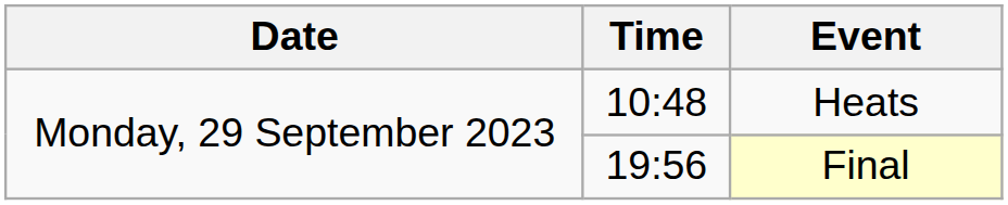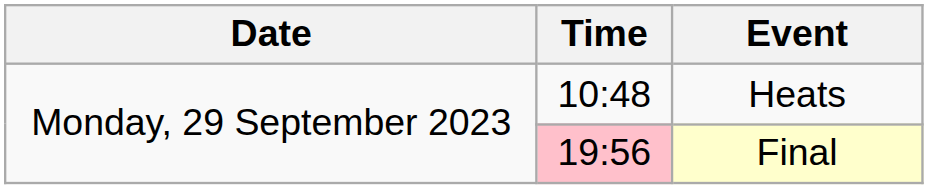 <table class = "wikitable" style="text-align:center;">
 <tr>
 <th width=220>Date</th>
 <th width=50>Time</th>
 <th width=100>Event</th>
 </tr>
 <tr>
 <td rowspan=2>Monday, 29 September 2023</td>
 <td>10:48</td>
 <td>Heats</td>
 </tr>
 <tr>
-<td>19:56</td>
+<td style="background: pink;">19:56</td>
 <td bgcolor=ffffcc>Final</td>
 </tr>
 </table>
